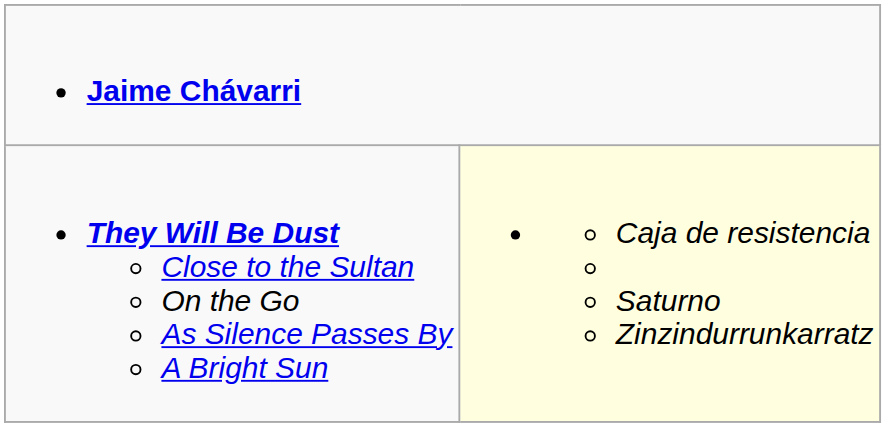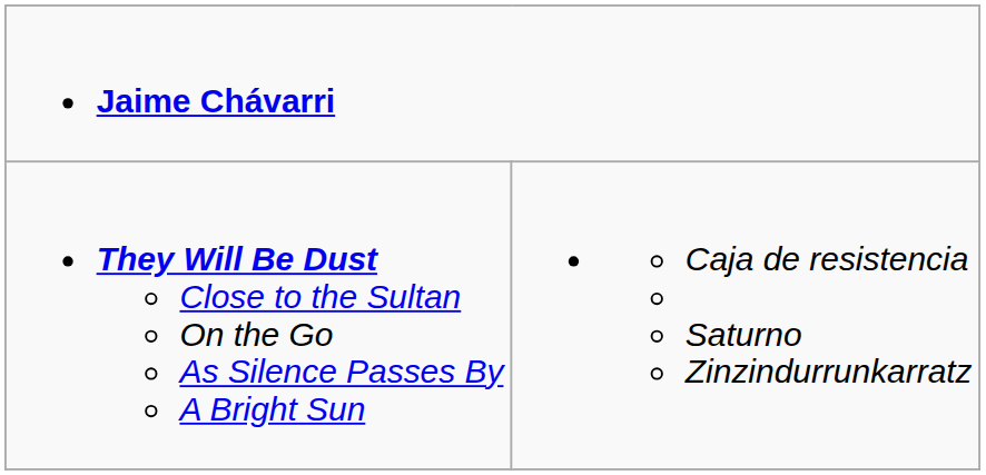 <table class=wikitable style="width=100%">
 <tr>
 <td colspan = "2" valign="top" style="width=100%"><br><ul><li><strong><a href='#'>Jaime Chávarri</a></strong></li></ul></td>
 </tr>
 <tr>
 <td style="vertical-align:top;"><br><ul><li><strong><em><a href='#'>They Will Be Dust</a></em></strong><ul><li><em><a href='#'>Close to the Sultan</a></em></li><li><em>On the Go</em></li><li><em><a href='#'>As Silence Passes By</a></em></li><li><em><a href='#'>A Bright Sun</a></em></li></ul></li></ul></td>
-<td valign="top" style="background: lightyellow;"><br><ul><li><strong><em></em></strong><ul><li><em>Caja de resistencia</em></li><li><em></em></li><li><em>Saturno</em></li><li><em>Zinzindurrunkarratz</em></li></ul></li></ul></td>
+<td valign="top"><br><ul><li><strong><em></em></strong><ul><li><em>Caja de resistencia</em></li><li><em></em></li><li><em>Saturno</em></li><li><em>Zinzindurrunkarratz</em></li></ul></li></ul></td>
 </tr>
 </table>
